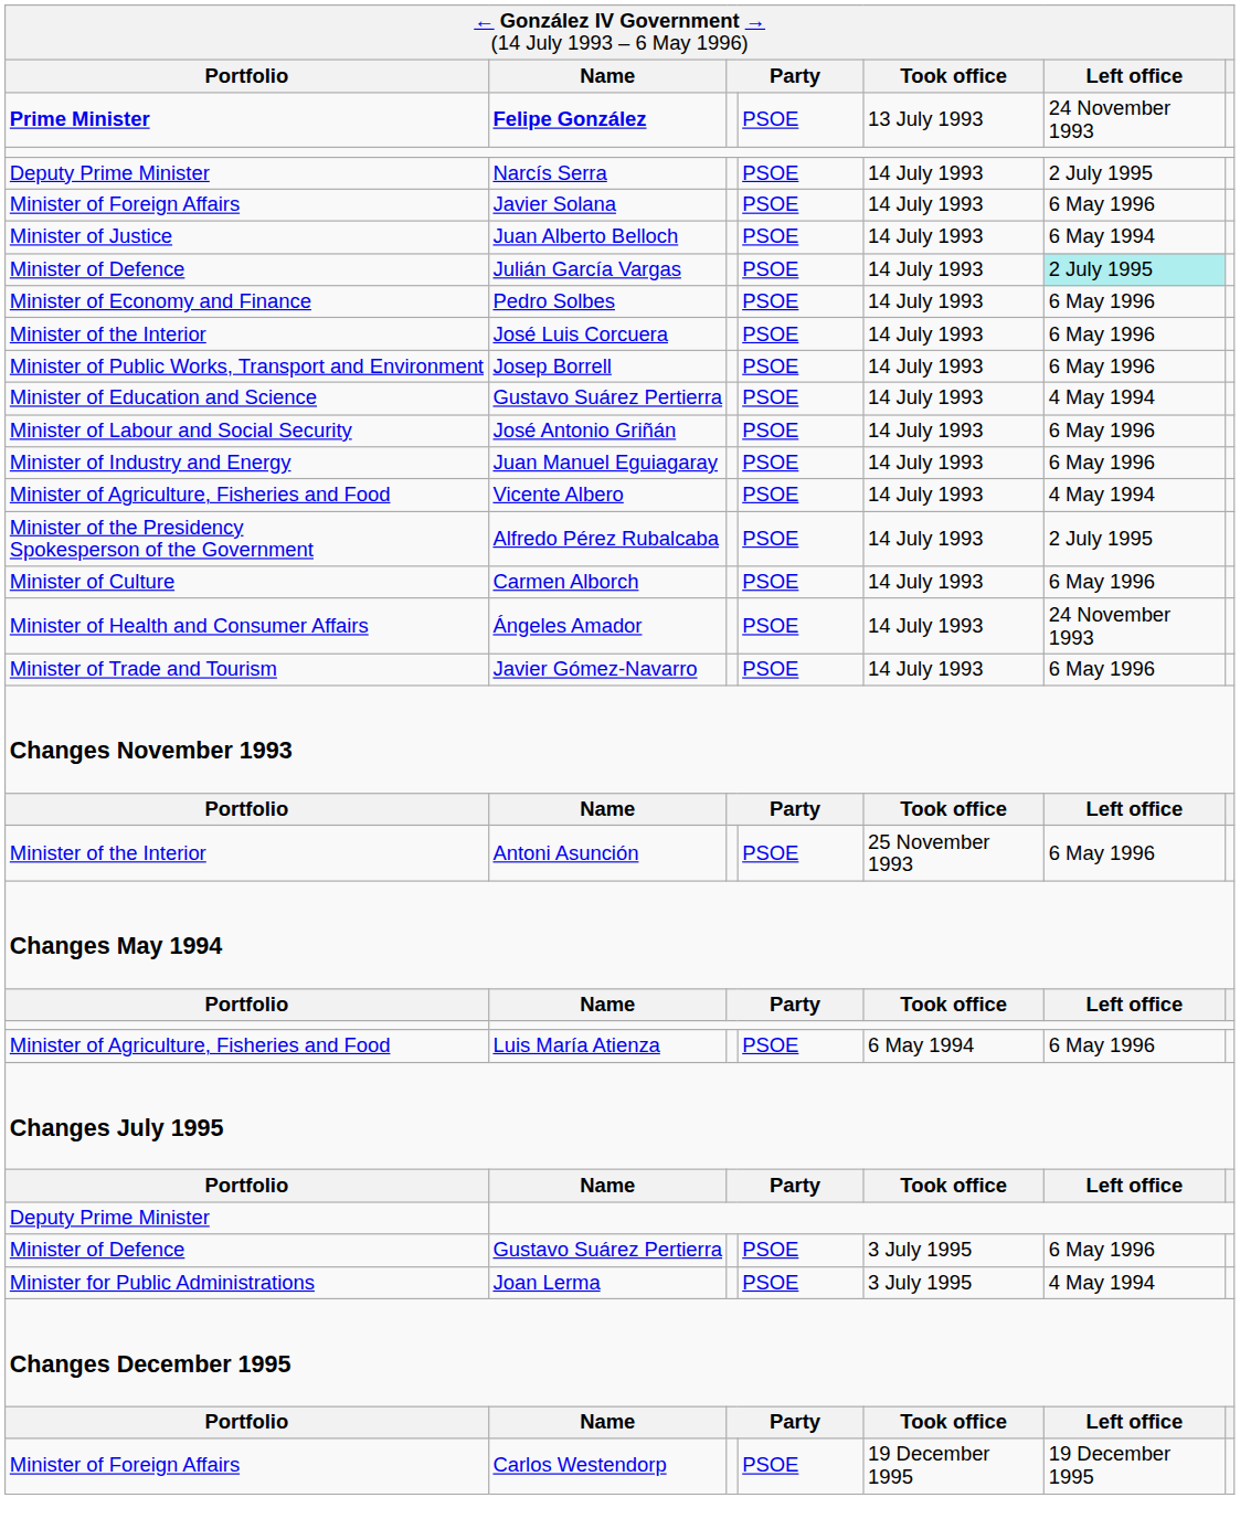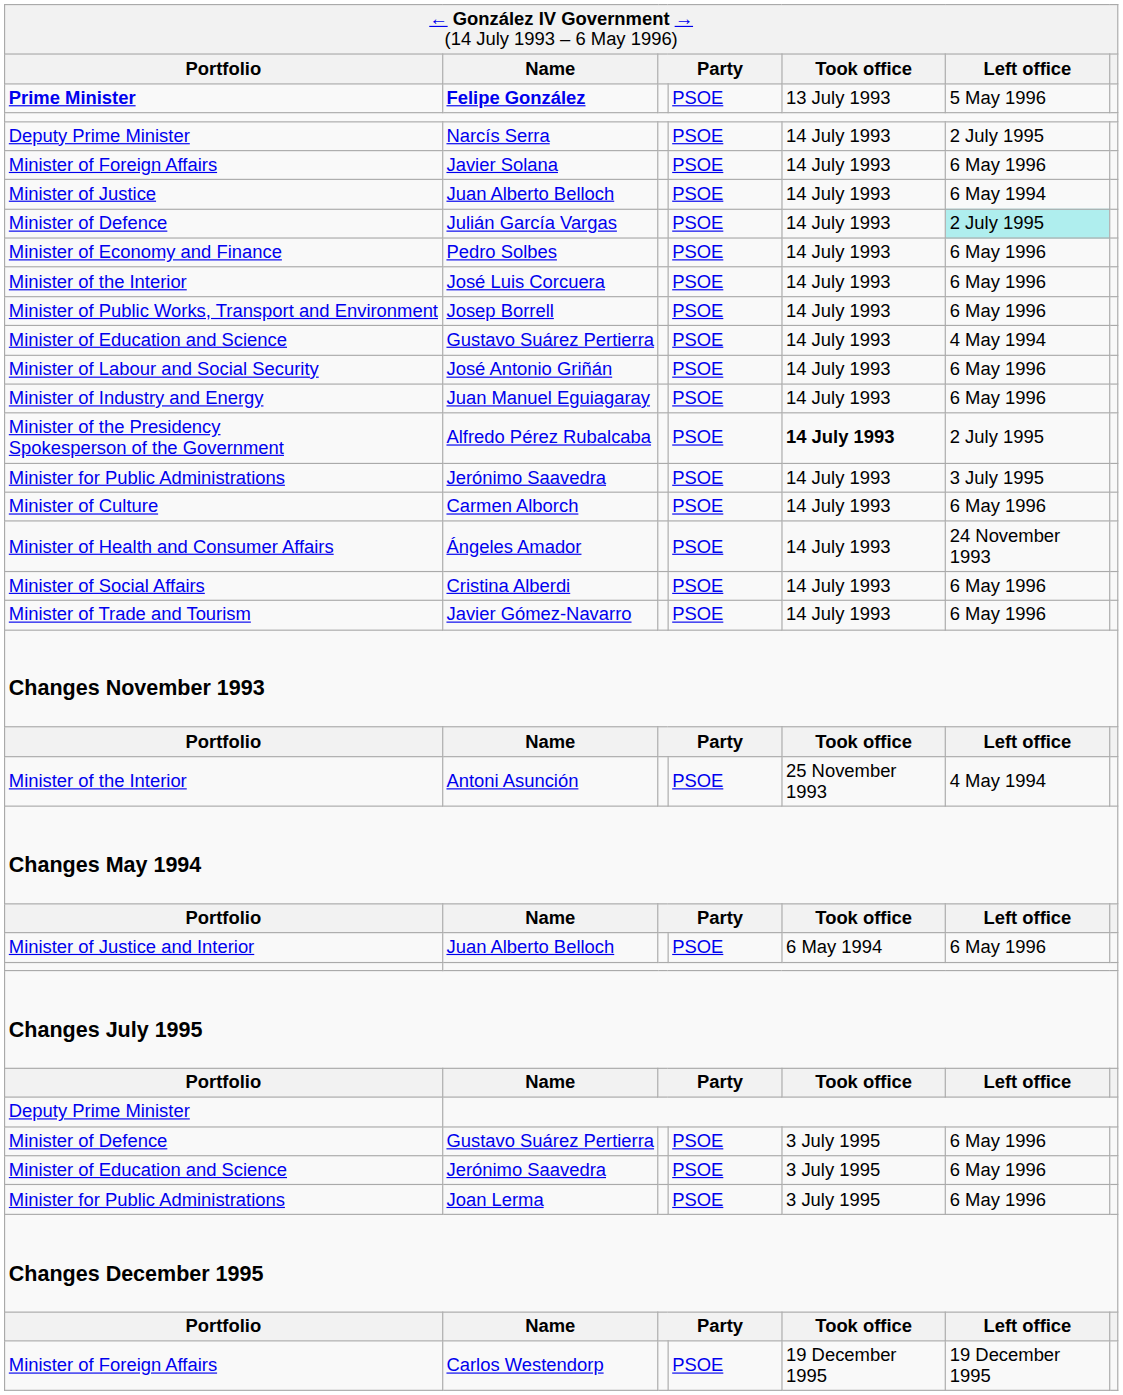 <table class="wikitable">
 <tr>
 <td colspan="7" bgcolor="#F2F2F2" align="center"><a href='#'>←</a> <strong>González IV Government</strong> <a href='#'>→</a><br>(14 July 1993 – 6 May 1996)</td>
 </tr>
 <tr>
 <th>Portfolio</th>
 <th>Name</th>
 <th width="100px" colspan="2">Party</th>
 <th width="135px">Took office</th>
 <th width="135px">Left office</th>
 <th></th>
 </tr>
 <tr>
 <td><strong><a href='#'>Prime Minister</a></strong></td>
 <td><strong><a href='#'>Felipe González</a></strong></td>
 <td width="1" style="background-color:"></td>
 <td><a href='#'>PSOE</a></td>
 <td>13 July 1993</td>
-<td>24 November 1993</td>
+<td>5 May 1996</td>
 <td align="center"></td>
 </tr>
 <tr>
 <td colspan="7"></td>
 </tr>
 <tr>
 <td><a href='#'>Deputy Prime Minister</a></td>
 <td><a href='#'>Narcís Serra</a></td>
 <td style="background-color:"></td>
 <td><a href='#'>PSOE</a> </td>
 <td>14 July 1993</td>
 <td>2 July 1995</td>
 <td align="center"></td>
 </tr>
 <tr>
 <td><a href='#'>Minister of Foreign Affairs</a></td>
 <td><a href='#'>Javier Solana</a></td>
 <td style="background-color:"></td>
 <td><a href='#'>PSOE</a></td>
 <td>14 July 1993</td>
 <td>6 May 1996</td>
 <td align="center"></td>
 </tr>
 <tr>
 <td><a href='#'>Minister of Justice</a></td>
 <td><a href='#'>Juan Alberto Belloch</a></td>
 <td style="background-color:"></td>
 <td><a href='#'>PSOE</a> </td>
 <td>14 July 1993</td>
 <td>6 May 1994</td>
 <td align="center"></td>
 </tr>
 <tr>
 <td><a href='#'>Minister of Defence</a></td>
 <td><a href='#'>Julián García Vargas</a></td>
 <td style="background-color:"></td>
 <td><a href='#'>PSOE</a></td>
 <td>14 July 1993</td>
 <td style="background: paleturquoise;">2 July 1995</td>
 <td align="center"></td>
 </tr>
 <tr>
 <td><a href='#'>Minister of Economy and Finance</a></td>
 <td><a href='#'>Pedro Solbes</a></td>
 <td style="background-color:"></td>
 <td><a href='#'>PSOE</a> </td>
 <td>14 July 1993</td>
 <td>6 May 1996</td>
 <td align="center"></td>
 </tr>
 <tr>
 <td><a href='#'>Minister of the Interior</a></td>
 <td><a href='#'>José Luis Corcuera</a></td>
 <td style="background-color:"></td>
 <td><a href='#'>PSOE</a></td>
 <td>14 July 1993</td>
 <td>6 May 1996</td>
 <td align="center"></td>
 </tr>
 <tr>
 <td><a href='#'>Minister of Public Works, Transport and Environment</a></td>
 <td><a href='#'>Josep Borrell</a></td>
 <td style="background-color:"></td>
 <td><a href='#'>PSOE</a></td>
 <td>14 July 1993</td>
 <td>6 May 1996</td>
 <td align="center"></td>
 </tr>
 <tr>
 <td><a href='#'>Minister of Education and Science</a></td>
 <td><a href='#'>Gustavo Suárez Pertierra</a></td>
 <td style="background-color:"></td>
 <td><a href='#'>PSOE</a></td>
 <td>14 July 1993</td>
 <td>4 May 1994</td>
 <td align="center"></td>
 </tr>
 <tr>
 <td><a href='#'>Minister of Labour and Social Security</a></td>
 <td><a href='#'>José Antonio Griñán</a></td>
 <td style="background-color:"></td>
 <td><a href='#'>PSOE</a></td>
 <td>14 July 1993</td>
 <td>6 May 1996</td>
 <td align="center"></td>
 </tr>
 <tr>
 <td><a href='#'>Minister of Industry and Energy</a></td>
 <td><a href='#'>Juan Manuel Eguiagaray</a></td>
 <td style="background-color:"></td>
 <td><a href='#'>PSOE</a></td>
 <td>14 July 1993</td>
 <td>6 May 1996</td>
 <td align="center"></td>
 </tr>
 <tr>
-<td><a href='#'>Minister of Agriculture, Fisheries and Food</a></td>
-<td><a href='#'>Vicente Albero</a></td>
-<td style="background-color:"></td>
-<td><a href='#'>PSOE</a></td>
-<td>14 July 1993</td>
-<td>4 May 1994</td>
-<td align="center"></td>
-</tr>
-<tr>
 <td><a href='#'>Minister of the Presidency</a><br><a href='#'>Spokesperson of the Government</a></td>
 <td><a href='#'>Alfredo Pérez Rubalcaba</a></td>
 <td style="background-color:"></td>
 <td><a href='#'>PSOE</a></td>
-<td>14 July 1993</td>
+<td><strong>14 July 1993</strong></td>
 <td>2 July 1995</td>
 <td align="center"><br></td>
+</tr>
+<tr>
+<td><a href='#'>Minister for Public Administrations</a></td>
+<td><a href='#'>Jerónimo Saavedra</a></td>
+<td style="background-color:"></td>
+<td><a href='#'>PSOE</a></td>
+<td>14 July 1993</td>
+<td>3 July 1995</td>
+<td align="center"></td>
 </tr>
 <tr>
 <td><a href='#'>Minister of Culture</a></td>
 <td><a href='#'>Carmen Alborch</a></td>
 <td style="background-color:"></td>
 <td><a href='#'>PSOE</a> </td>
 <td>14 July 1993</td>
 <td>6 May 1996</td>
 <td align="center"></td>
 </tr>
 <tr>
 <td><a href='#'>Minister of Health and Consumer Affairs</a></td>
 <td><a href='#'>Ángeles Amador</a></td>
 <td style="background-color:"></td>
 <td><a href='#'>PSOE</a> </td>
 <td>14 July 1993</td>
 <td>24 November 1993</td>
+<td align="center"></td>
+</tr>
+<tr>
+<td><a href='#'>Minister of Social Affairs</a></td>
+<td><a href='#'>Cristina Alberdi</a></td>
+<td style="background-color:"></td>
+<td><a href='#'>PSOE</a> </td>
+<td>14 July 1993</td>
+<td>6 May 1996</td>
 <td align="center"></td>
 </tr>
 <tr>
 <td><a href='#'>Minister of Trade and Tourism</a></td>
 <td><a href='#'>Javier Gómez-Navarro</a></td>
 <td style="background-color:"></td>
 <td><a href='#'>PSOE</a> </td>
 <td>14 July 1993</td>
 <td>6 May 1996</td>
 <td align="center"></td>
 </tr>
 <tr>
 <td colspan="7"><br><h3>Changes November 1993</h3></td>
 </tr>
 <tr>
 <th>Portfolio</th>
 <th>Name</th>
 <th colspan="2">Party</th>
 <th>Took office</th>
 <th>Left office</th>
 <th></th>
 </tr>
 <tr>
 <td><a href='#'>Minister of the Interior</a></td>
 <td><a href='#'>Antoni Asunción</a></td>
 <td style="background-color:"></td>
 <td><a href='#'>PSOE</a></td>
 <td>25 November 1993</td>
-<td>6 May 1996</td>
+<td>4 May 1994</td>
 <td align="center"></td>
 </tr>
 <tr>
 <td colspan="7"><br><h3>Changes May 1994</h3></td>
 </tr>
 <tr>
 <th>Portfolio</th>
 <th>Name</th>
 <th colspan="2">Party</th>
 <th>Took office</th>
 <th>Left office</th>
 <th></th>
 </tr>
 <tr>
-<td></td>
-<td colspan="6"></td>
-</tr>
-<tr>
-<td><a href='#'>Minister of Agriculture, Fisheries and Food</a></td>
-<td><a href='#'>Luis María Atienza</a></td>
+<td><a href='#'>Minister of Justice and Interior</a></td>
+<td><a href='#'>Juan Alberto Belloch</a></td>
 <td style="background-color:"></td>
-<td><a href='#'>PSOE</a></td>
+<td><a href='#'>PSOE</a> </td>
 <td>6 May 1994</td>
 <td>6 May 1996</td>
 <td align="center"></td>
+</tr>
+<tr>
+<td></td>
+<td colspan="6"></td>
 </tr>
 <tr>
 <td colspan="7"><br><h3>Changes July 1995</h3></td>
 </tr>
 <tr>
 <th>Portfolio</th>
 <th>Name</th>
 <th colspan="2">Party</th>
 <th>Took office</th>
 <th>Left office</th>
 <th></th>
 </tr>
 <tr>
 <td><a href='#'>Deputy Prime Minister</a></td>
 <td colspan="6"></td>
 </tr>
 <tr>
 <td><a href='#'>Minister of Defence</a></td>
 <td><a href='#'>Gustavo Suárez Pertierra</a></td>
 <td style="background-color:"></td>
 <td><a href='#'>PSOE</a></td>
 <td>3 July 1995</td>
 <td>6 May 1996</td>
 <td align="center"></td>
 </tr>
 <tr>
+<td><a href='#'>Minister of Education and Science</a></td>
+<td><a href='#'>Jerónimo Saavedra</a></td>
+<td style="background-color:"></td>
+<td><a href='#'>PSOE</a></td>
+<td>3 July 1995</td>
+<td>6 May 1996</td>
+<td align="center"></td>
+</tr>
+<tr>
 <td><a href='#'>Minister for Public Administrations</a></td>
 <td><a href='#'>Joan Lerma</a></td>
 <td style="background-color:"></td>
 <td><a href='#'>PSOE</a></td>
 <td>3 July 1995</td>
-<td>4 May 1994</td>
+<td>6 May 1996</td>
 <td align="center"></td>
 </tr>
 <tr>
 <td colspan="7"><br><h3>Changes December 1995</h3></td>
 </tr>
 <tr>
 <th>Portfolio</th>
 <th>Name</th>
 <th colspan="2">Party</th>
 <th>Took office</th>
 <th>Left office</th>
 <th></th>
 </tr>
 <tr>
 <td><a href='#'>Minister of Foreign Affairs</a></td>
 <td><a href='#'>Carlos Westendorp</a></td>
 <td style="background-color:"></td>
 <td><a href='#'>PSOE</a></td>
 <td>19 December 1995</td>
 <td>19 December 1995</td>
 <td align="center"></td>
 </tr>
 </table>
